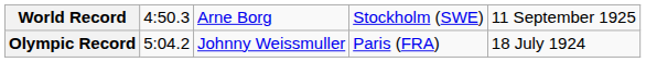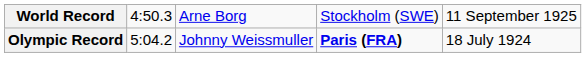 <table class="wikitable">
 <tr>
 <th>World Record</th>
 <td>4:50.3</td>
 <td> <a href='#'>Arne Borg</a></td>
 <td><a href='#'>Stockholm</a> (<a href='#'>SWE</a>)</td>
 <td>11 September 1925</td>
 </tr>
 <tr>
 <th>Olympic Record</th>
 <td>5:04.2</td>
 <td> <a href='#'>Johnny Weissmuller</a></td>
-<td><a href='#'>Paris</a> (<a href='#'>FRA</a>)</td>
+<td><strong><a href='#'>Paris</a> (<a href='#'>FRA</a>)</strong></td>
 <td>18 July 1924</td>
 </tr>
 </table>
